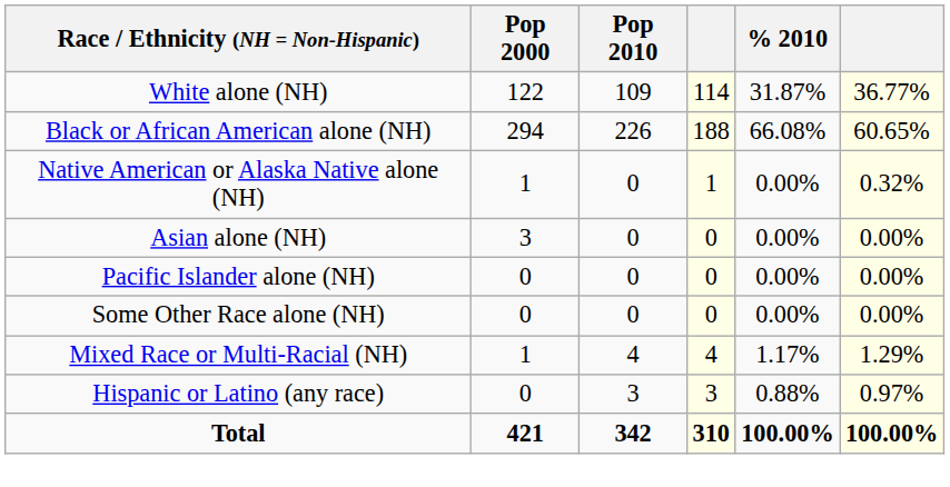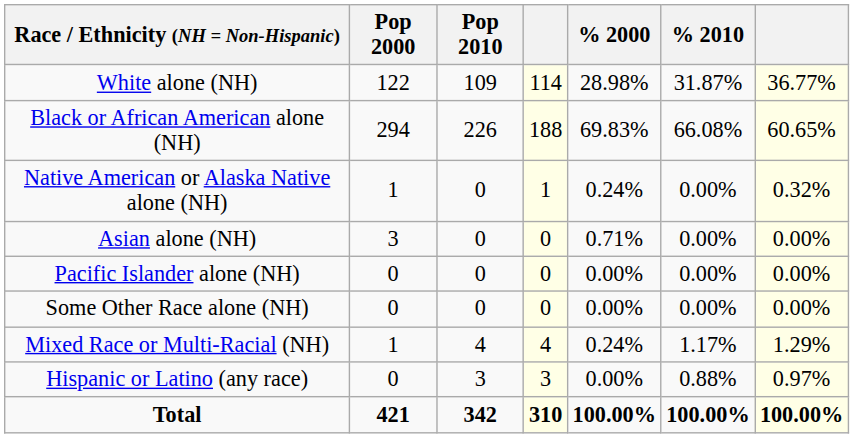 <table class="wikitable" style="text-align:center;">
 <tr>
 <th>Race / Ethnicity <small>(<em>NH = Non-Hispanic</em>)</small></th>
 <th>Pop 2000</th>
 <th>Pop 2010</th>
 <th></th>
+<th>% 2000</th>
 <th>% 2010</th>
 <th></th>
 </tr>
 <tr>
 <td><a href='#'>White</a> alone (NH)</td>
 <td>122</td>
 <td>109</td>
 <td style='background: #ffffe6;'>114</td>
+<td>28.98%</td>
 <td>31.87%</td>
 <td style='background: #ffffe6;'>36.77%</td>
 </tr>
 <tr>
 <td><a href='#'>Black or African American</a> alone (NH)</td>
 <td>294</td>
 <td>226</td>
 <td style='background: #ffffe6;'>188</td>
+<td>69.83%</td>
 <td>66.08%</td>
 <td style='background: #ffffe6;'>60.65%</td>
 </tr>
 <tr>
 <td><a href='#'>Native American</a> or <a href='#'>Alaska Native</a> alone (NH)</td>
 <td>1</td>
 <td>0</td>
 <td style='background: #ffffe6;'>1</td>
+<td>0.24%</td>
 <td>0.00%</td>
 <td style='background: #ffffe6;'>0.32%</td>
 </tr>
 <tr>
 <td><a href='#'>Asian</a> alone (NH)</td>
 <td>3</td>
 <td>0</td>
 <td style='background: #ffffe6;'>0</td>
+<td>0.71%</td>
 <td>0.00%</td>
 <td style='background: #ffffe6;'>0.00%</td>
 </tr>
 <tr>
 <td><a href='#'>Pacific Islander</a> alone (NH)</td>
 <td>0</td>
 <td>0</td>
 <td style='background: #ffffe6;'>0</td>
 <td>0.00%</td>
+<td>0.00%</td>
 <td style='background: #ffffe6;'>0.00%</td>
 </tr>
 <tr>
 <td>Some Other Race alone (NH)</td>
 <td>0</td>
 <td>0</td>
 <td style='background: #ffffe6;'>0</td>
 <td>0.00%</td>
+<td>0.00%</td>
 <td style='background: #ffffe6;'>0.00%</td>
 </tr>
 <tr>
 <td><a href='#'>Mixed Race or Multi-Racial</a> (NH)</td>
 <td>1</td>
 <td>4</td>
 <td style='background: #ffffe6;'>4</td>
+<td>0.24%</td>
 <td>1.17%</td>
 <td style='background: #ffffe6;'>1.29%</td>
 </tr>
 <tr>
 <td><a href='#'>Hispanic or Latino</a> (any race)</td>
 <td>0</td>
 <td>3</td>
 <td style='background: #ffffe6;'>3</td>
+<td>0.00%</td>
 <td>0.88%</td>
 <td style='background: #ffffe6;'>0.97%</td>
 </tr>
 <tr>
 <td><strong>Total</strong></td>
 <td><strong>421</strong></td>
 <td><strong>342</strong></td>
 <td style='background: #ffffe6;'><strong>310</strong></td>
 <td><strong>100.00%</strong></td>
+<td><strong>100.00%</strong></td>
 <td style='background: #ffffe6;'><strong>100.00%</strong></td>
 </tr>
 </table>
